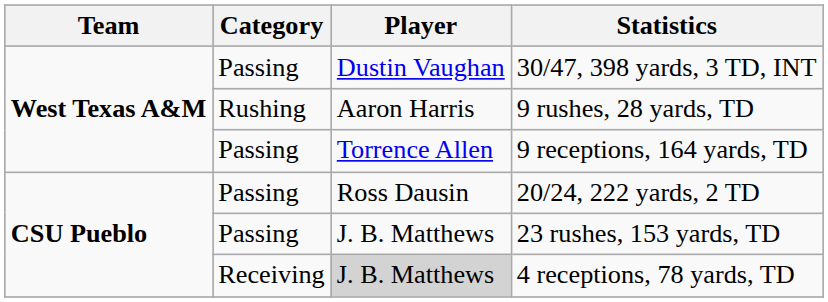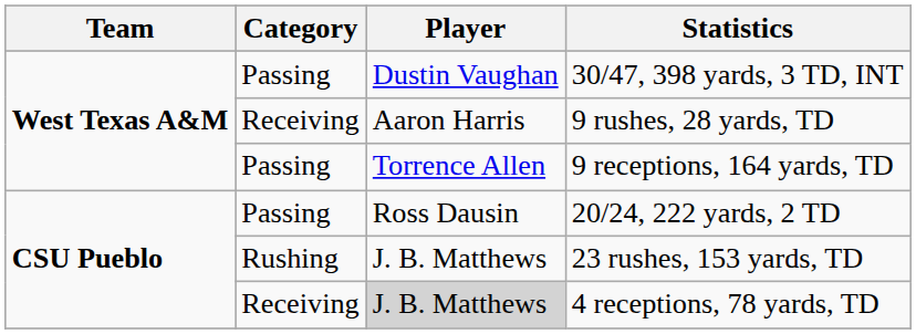 <table class="wikitable" style="float: left;">
 <tr>
 <th>Team</th>
 <th>Category</th>
 <th>Player</th>
 <th>Statistics</th>
 </tr>
 <tr>
 <td rowspan=3><strong>West Texas A&M</strong></td>
 <td>Passing</td>
 <td><a href='#'>Dustin Vaughan</a></td>
 <td>30/47, 398 yards, 3 TD, INT</td>
 </tr>
 <tr>
-<td>Rushing</td>
+<td>Receiving</td>
 <td>Aaron Harris</td>
 <td>9 rushes, 28 yards, TD</td>
 </tr>
 <tr>
 <td>Passing</td>
 <td><a href='#'>Torrence Allen</a></td>
 <td>9 receptions, 164 yards, TD</td>
 </tr>
 <tr>
 <td rowspan=3><strong>CSU Pueblo</strong></td>
 <td>Passing</td>
 <td>Ross Dausin</td>
 <td>20/24, 222 yards, 2 TD</td>
 </tr>
 <tr>
-<td>Passing</td>
+<td>Rushing</td>
 <td>J. B. Matthews</td>
 <td>23 rushes, 153 yards, TD</td>
 </tr>
 <tr>
 <td>Receiving</td>
 <td style="background: lightgrey;">J. B. Matthews</td>
 <td>4 receptions, 78 yards, TD</td>
 </tr>
 </table>
